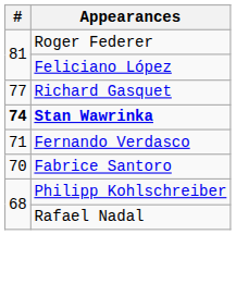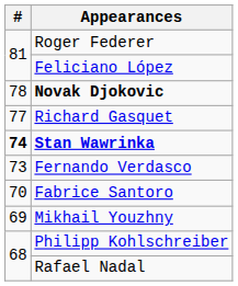 <table class=wikitable style="display:inline-table;">
 <tr>
 <th scope="col">#</th>
 <th scope="col">Appearances</th>
 </tr>
 <tr>
 <td rowspan="2">81</td>
 <td> Roger Federer</td>
 </tr>
 <tr>
 <td> <a href='#'>Feliciano López</a></td>
 </tr>
 <tr>
+<td>78</td>
+<td> <strong>Novak Djokovic</strong></td>
+</tr>
+<tr>
 <td>77</td>
 <td> <a href='#'>Richard Gasquet</a></td>
 </tr>
 <tr>
 <td><strong>74</strong></td>
 <td> <strong><a href='#'>Stan Wawrinka</a></strong></td>
 </tr>
 <tr>
-<td>71</td>
+<td>73</td>
 <td> <a href='#'>Fernando Verdasco</a></td>
 </tr>
 <tr>
 <td>70</td>
 <td> <a href='#'>Fabrice Santoro</a></td>
+</tr>
+<tr>
+<td>69</td>
+<td> <a href='#'>Mikhail Youzhny</a></td>
 </tr>
 <tr>
 <td rowspan="2">68</td>
 <td> <a href='#'>Philipp Kohlschreiber</a></td>
 </tr>
 <tr>
 <td> Rafael Nadal</td>
 </tr>
 </table>
